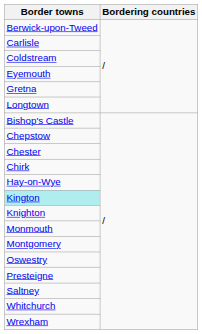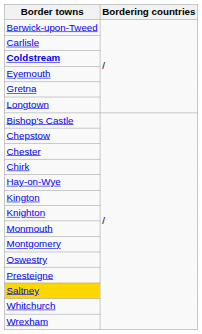 <table class="wikitable">
 <tr>
 <th>Border towns</th>
 <th>Bordering countries</th>
 </tr>
 <tr>
 <td><a href='#'>Berwick-upon-Tweed</a></td>
 <td rowspan="6"> / </td>
 </tr>
 <tr>
 <td><a href='#'>Carlisle</a></td>
 </tr>
 <tr>
-<td><a href='#'>Coldstream</a></td>
+<td><strong><a href='#'>Coldstream</a></strong></td>
 </tr>
 <tr>
 <td><a href='#'>Eyemouth</a></td>
 </tr>
 <tr>
 <td><a href='#'>Gretna</a></td>
 </tr>
 <tr>
 <td><a href='#'>Longtown</a></td>
 </tr>
 <tr>
 <td><a href='#'>Bishop's Castle</a></td>
 <td rowspan="14"> / </td>
 </tr>
 <tr>
 <td><a href='#'>Chepstow</a></td>
 </tr>
 <tr>
 <td><a href='#'>Chester</a></td>
 </tr>
 <tr>
 <td><a href='#'>Chirk</a></td>
 </tr>
 <tr>
 <td><a href='#'>Hay-on-Wye</a></td>
 </tr>
 <tr>
-<td style="background: paleturquoise;"><a href='#'>Kington</a></td>
+<td><a href='#'>Kington</a></td>
 </tr>
 <tr>
 <td><a href='#'>Knighton</a></td>
 </tr>
 <tr>
 <td><a href='#'>Monmouth</a></td>
 </tr>
 <tr>
 <td><a href='#'>Montgomery</a></td>
 </tr>
 <tr>
 <td><a href='#'>Oswestry</a></td>
 </tr>
 <tr>
 <td><a href='#'>Presteigne</a></td>
 </tr>
 <tr>
-<td><a href='#'>Saltney</a></td>
+<td style="background: gold;"><a href='#'>Saltney</a></td>
 </tr>
 <tr>
 <td><a href='#'>Whitchurch</a></td>
 </tr>
 <tr>
 <td><a href='#'>Wrexham</a></td>
 </tr>
 </table>
